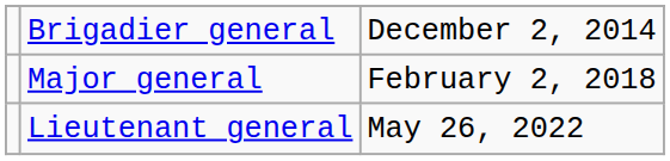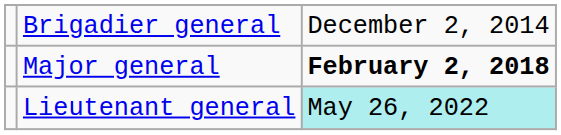 <table class="wikitable">
 <tr>
 </tr>
 <tr>
 <td></td>
 <td><a href='#'>Brigadier general</a></td>
 <td>December 2, 2014</td>
 </tr>
 <tr>
 <td></td>
 <td><a href='#'>Major general</a></td>
-<td>February 2, 2018</td>
+<td><strong>February 2, 2018</strong></td>
 </tr>
 <tr>
 <td></td>
 <td><a href='#'>Lieutenant general</a></td>
-<td>May 26, 2022</td>
+<td style="background: paleturquoise;">May 26, 2022</td>
 </tr>
 </table>
